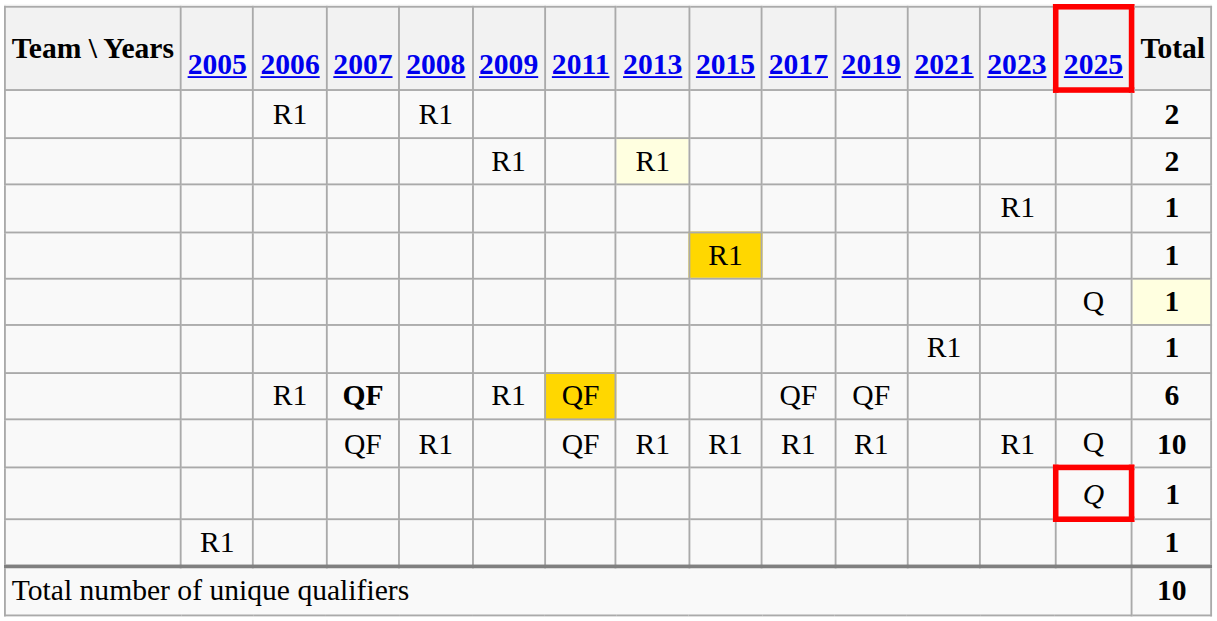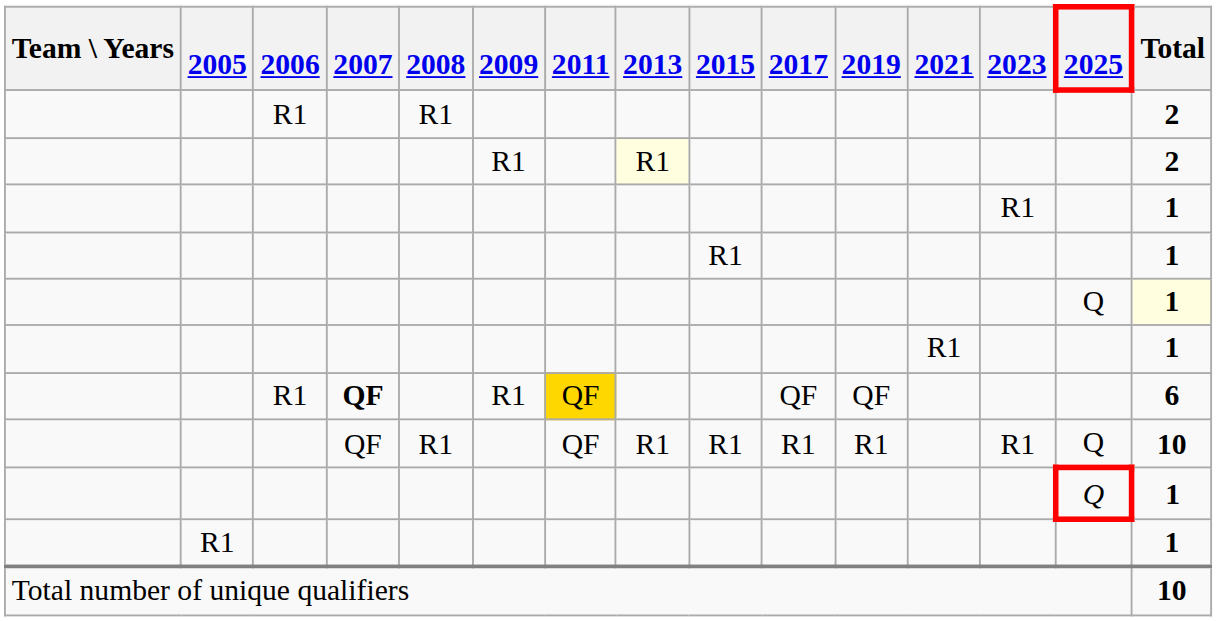 <table class="wikitable" style="text-align:center">
 <tr>
 <th>Team \ Years</th>
 <th><br><a href='#'>2005</a></th>
 <th><br><a href='#'>2006</a></th>
 <th><br><a href='#'>2007</a></th>
 <th><br><a href='#'>2008</a></th>
 <th><br><a href='#'>2009</a></th>
 <th><br><a href='#'>2011</a></th>
 <th><br><a href='#'>2013</a></th>
 <th><br><a href='#'>2015</a></th>
 <th><br><a href='#'>2017</a></th>
 <th><br><a href='#'>2019</a></th>
 <th><br><a href='#'>2021</a></th>
 <th><br><a href='#'>2023</a></th>
 <th style="border:3px solid red"><br><a href='#'>2025</a></th>
 <th>Total</th>
 </tr>
 <tr>
 <td align=left></td>
 <td></td>
 <td>R1</td>
 <td></td>
 <td>R1</td>
 <td></td>
 <td></td>
 <td></td>
 <td></td>
 <td></td>
 <td></td>
 <td></td>
 <td></td>
 <td></td>
 <td><strong>2</strong></td>
 </tr>
 <tr>
 <td align=left></td>
 <td></td>
 <td></td>
 <td></td>
 <td></td>
 <td>R1</td>
 <td></td>
 <td style="background: lightyellow;">R1</td>
 <td></td>
 <td></td>
 <td></td>
 <td></td>
 <td></td>
 <td></td>
 <td><strong>2</strong></td>
 </tr>
 <tr>
 <td align=left></td>
 <td></td>
 <td></td>
 <td></td>
 <td></td>
 <td></td>
 <td></td>
 <td></td>
 <td></td>
 <td></td>
 <td></td>
 <td></td>
 <td>R1</td>
 <td></td>
 <td><strong>1</strong></td>
 </tr>
 <tr>
 <td align=left></td>
 <td></td>
 <td></td>
 <td></td>
 <td></td>
 <td></td>
 <td></td>
 <td></td>
-<td style="background: gold;">R1</td>
+<td>R1</td>
 <td></td>
 <td></td>
 <td></td>
 <td></td>
 <td></td>
 <td><strong>1</strong></td>
 </tr>
 <tr>
 <td align=left></td>
 <td></td>
 <td></td>
 <td></td>
 <td></td>
 <td></td>
 <td></td>
 <td></td>
 <td></td>
 <td></td>
 <td></td>
 <td></td>
 <td></td>
 <td>Q</td>
 <td style="background: lightyellow;"><strong>1</strong></td>
 </tr>
 <tr>
 <td align=left></td>
 <td></td>
 <td></td>
 <td></td>
 <td></td>
 <td></td>
 <td></td>
 <td></td>
 <td></td>
 <td></td>
 <td></td>
 <td>R1</td>
 <td></td>
 <td></td>
 <td><strong>1</strong></td>
 </tr>
 <tr>
 <td align=left></td>
 <td></td>
 <td>R1</td>
 <td><strong>QF</strong></td>
 <td></td>
 <td>R1</td>
 <td style="background: gold;">QF</td>
 <td></td>
 <td></td>
 <td>QF</td>
 <td>QF</td>
 <td></td>
 <td></td>
 <td></td>
 <td><strong>6</strong></td>
 </tr>
 <tr>
 <td align=left></td>
 <td></td>
 <td></td>
 <td>QF</td>
 <td>R1</td>
 <td></td>
 <td>QF</td>
 <td>R1</td>
 <td>R1</td>
 <td>R1</td>
 <td>R1</td>
 <td></td>
 <td>R1</td>
 <td>Q</td>
 <td><strong>10</strong></td>
 </tr>
 <tr>
 <td align=left></td>
 <td></td>
 <td></td>
 <td></td>
 <td></td>
 <td></td>
 <td></td>
 <td></td>
 <td></td>
 <td></td>
 <td></td>
 <td></td>
 <td></td>
 <td ! style="border:3px solid red"><em>Q</em></td>
 <td><strong>1</strong></td>
 </tr>
 <tr>
 <td align=left></td>
 <td>R1</td>
 <td></td>
 <td></td>
 <td></td>
 <td></td>
 <td></td>
 <td></td>
 <td></td>
 <td></td>
 <td></td>
 <td></td>
 <td></td>
 <td></td>
 <td><strong>1</strong></td>
 </tr>
 <tr style="border-top: 2px solid grey">
 <td align=left colspan=14>Total number of unique qualifiers</td>
 <td><strong>10</strong></td>
 </tr>
 </table>
